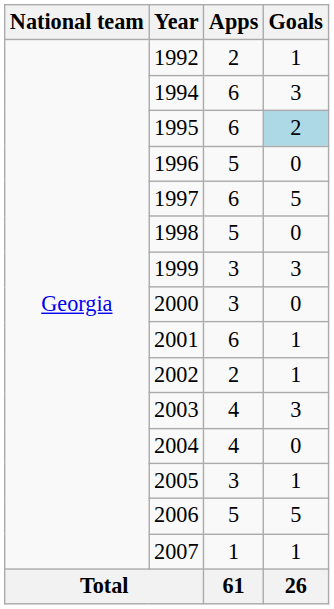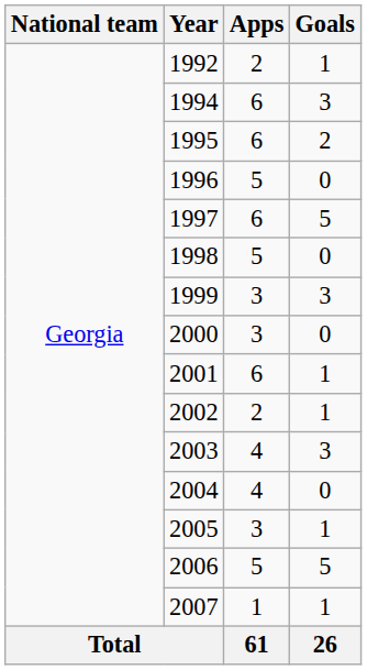 <table class="wikitable" style="text-align:center">
 <tr>
 <th>National team</th>
 <th>Year</th>
 <th>Apps</th>
 <th>Goals</th>
 </tr>
 <tr>
 <td rowspan="15"><a href='#'>Georgia</a></td>
 <td>1992</td>
 <td>2</td>
 <td>1</td>
 </tr>
 <tr>
 <td>1994</td>
 <td>6</td>
 <td>3</td>
 </tr>
 <tr>
 <td>1995</td>
 <td>6</td>
-<td style="background: lightblue;">2</td>
+<td>2</td>
 </tr>
 <tr>
 <td>1996</td>
 <td>5</td>
 <td>0</td>
 </tr>
 <tr>
 <td>1997</td>
 <td>6</td>
 <td>5</td>
 </tr>
 <tr>
 <td>1998</td>
 <td>5</td>
 <td>0</td>
 </tr>
 <tr>
 <td>1999</td>
 <td>3</td>
 <td>3</td>
 </tr>
 <tr>
 <td>2000</td>
 <td>3</td>
 <td>0</td>
 </tr>
 <tr>
 <td>2001</td>
 <td>6</td>
 <td>1</td>
 </tr>
 <tr>
 <td>2002</td>
 <td>2</td>
 <td>1</td>
 </tr>
 <tr>
 <td>2003</td>
 <td>4</td>
 <td>3</td>
 </tr>
 <tr>
 <td>2004</td>
 <td>4</td>
 <td>0</td>
 </tr>
 <tr>
 <td>2005</td>
 <td>3</td>
 <td>1</td>
 </tr>
 <tr>
 <td>2006</td>
 <td>5</td>
 <td>5</td>
 </tr>
 <tr>
 <td>2007</td>
 <td>1</td>
 <td>1</td>
 </tr>
 <tr>
 <th colspan="2">Total</th>
 <th>61</th>
 <th>26</th>
 </tr>
 </table>
